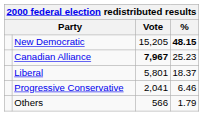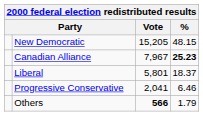 <table class="wikitable">
 <tr>
 <th colspan="4"><a href='#'>2000 federal election</a> redistributed results</th>
 </tr>
 <tr>
 <th bgcolor="#DDDDFF" width="130px" colspan="2">Party</th>
 <th bgcolor="#DDDDFF" width="50px">Vote</th>
 <th bgcolor="#DDDDFF" width="30px">%</th>
 </tr>
 <tr>
 <td> </td>
 <td><a href='#'>New Democratic</a></td>
 <td align=right>15,205</td>
-<td align=right><strong>48.15</strong></td>
+<td align=right>48.15</td>
 </tr>
 <tr>
 <td> </td>
 <td><a href='#'>Canadian Alliance</a></td>
-<td align=right><strong>7,967</strong></td>
-<td align=right>25.23</td>
+<td align=right>7,967</td>
+<td align=right><strong>25.23</strong></td>
 </tr>
 <tr>
 <td> </td>
 <td><a href='#'>Liberal</a></td>
 <td align=right>5,801</td>
 <td align=right>18.37</td>
 </tr>
 <tr>
 <td> </td>
 <td><a href='#'>Progressive Conservative</a></td>
 <td align=right>2,041</td>
 <td align=right>6.46</td>
 </tr>
 <tr>
 <td> </td>
 <td>Others</td>
-<td align=right>566</td>
+<td align=right><strong>566</strong></td>
 <td align=right>1.79</td>
 </tr>
 </table>
